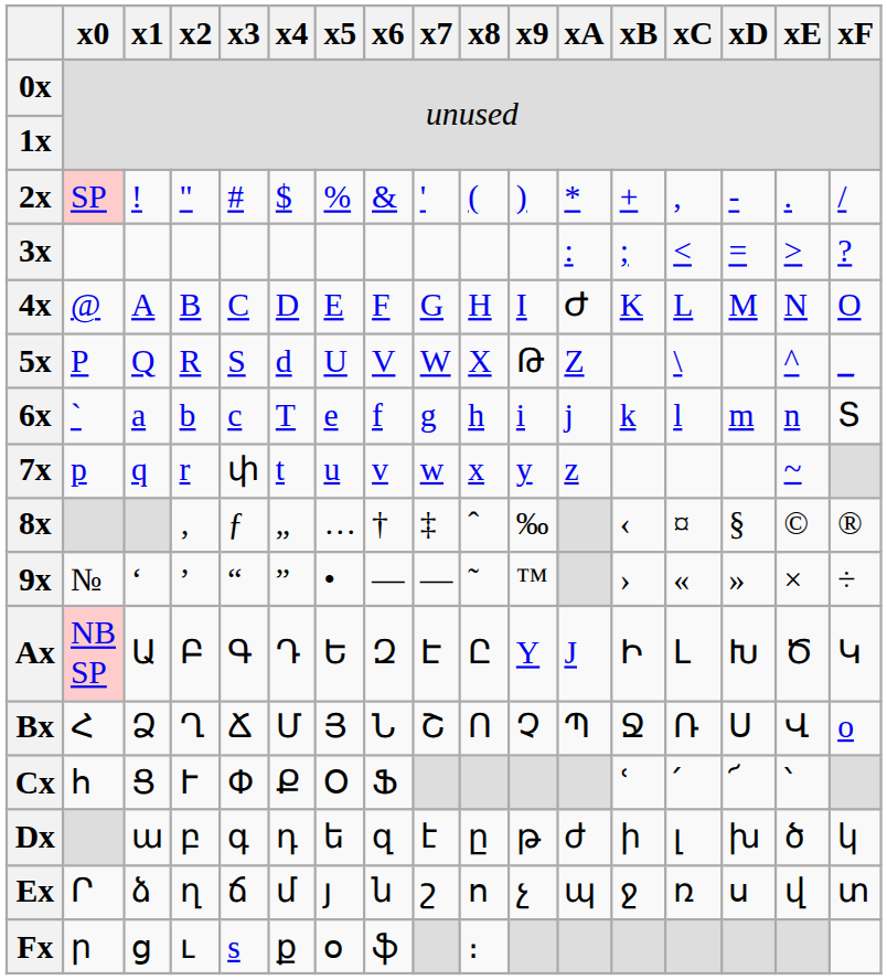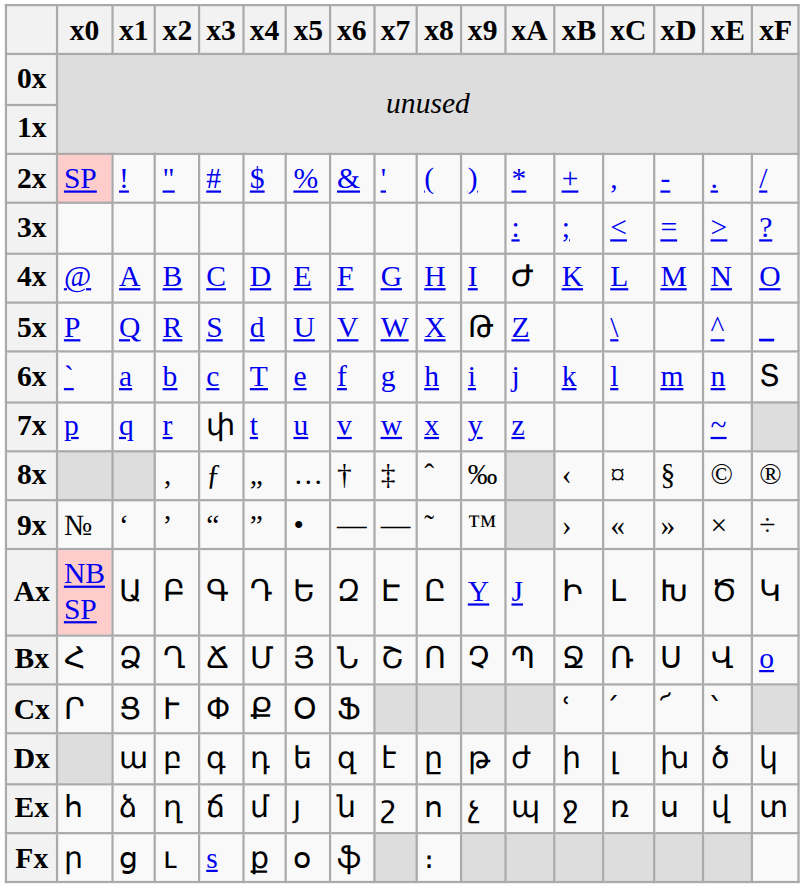 <table class="wikitable" style="float: left; margin: 0 1em; font-size: smaller;">
 <tr>
 <th> </th>
 <th>x0</th>
 <th>x1</th>
 <th>x2</th>
 <th>x3</th>
 <th>x4</th>
 <th>x5</th>
 <th>x6</th>
 <th>x7</th>
 <th>x8</th>
 <th>x9</th>
 <th>xA</th>
 <th>xB</th>
 <th>xC</th>
 <th>xD</th>
 <th>xE</th>
 <th>xF</th>
 </tr>
 <tr>
 <th>0x</th>
 <td rowspan="2" colspan="16" style="text-align: center; background: #ddd"><em>unused</em></td>
 </tr>
 <tr>
 <th>1x</th>
 </tr>
 <tr>
 <th>2x</th>
 <td style="background: #FFCCCC"><a href='#'>SP</a></td>
 <td><a href='#'>!</a></td>
 <td><a href='#'>"</a></td>
 <td><a href='#'>#</a></td>
 <td><a href='#'>$</a></td>
 <td><a href='#'>%</a></td>
 <td><a href='#'>&</a></td>
 <td><a href='#'>'</a></td>
 <td><a href='#'>(</a></td>
 <td><a href='#'>)</a></td>
 <td><a href='#'>*</a></td>
 <td><a href='#'>+</a></td>
 <td><a href='#'>,</a></td>
 <td><a href='#'>-</a></td>
 <td><a href='#'>.</a></td>
 <td><a href='#'>/</a></td>
 </tr>
 <tr>
 <th>3x</th>
 <td></td>
 <td></td>
 <td></td>
 <td></td>
 <td></td>
 <td></td>
 <td></td>
 <td></td>
 <td></td>
 <td></td>
 <td><a href='#'>:</a></td>
 <td><a href='#'>;</a></td>
 <td><a href='#'><</a></td>
 <td><a href='#'>=</a></td>
 <td><a href='#'>></a></td>
 <td><a href='#'>?</a></td>
 </tr>
 <tr>
 <th>4x</th>
 <td><a href='#'>@</a></td>
 <td><a href='#'>A</a></td>
 <td><a href='#'>B</a></td>
 <td><a href='#'>C</a></td>
 <td><a href='#'>D</a></td>
 <td><a href='#'>E</a></td>
 <td><a href='#'>F</a></td>
 <td><a href='#'>G</a></td>
 <td><a href='#'>H</a></td>
 <td><a href='#'>I</a></td>
 <td>Ժ</td>
 <td><a href='#'>K</a></td>
 <td><a href='#'>L</a></td>
 <td><a href='#'>M</a></td>
 <td><a href='#'>N</a></td>
 <td><a href='#'>O</a></td>
 </tr>
 <tr>
 <th>5x</th>
 <td><a href='#'>P</a></td>
 <td><a href='#'>Q</a></td>
 <td><a href='#'>R</a></td>
 <td><a href='#'>S</a></td>
 <td><a href='#'>d</a></td>
 <td><a href='#'>U</a></td>
 <td><a href='#'>V</a></td>
 <td><a href='#'>W</a></td>
 <td><a href='#'>X</a></td>
 <td>Թ</td>
 <td><a href='#'>Z</a></td>
 <td><a href='#'></a></td>
 <td><a href='#'>\</a></td>
 <td><a href='#'></a></td>
 <td><a href='#'>^</a></td>
 <td><a href='#'>_</a></td>
 </tr>
 <tr>
 <th>6x</th>
 <td><a href='#'>`</a></td>
 <td><a href='#'>a</a></td>
 <td><a href='#'>b</a></td>
 <td><a href='#'>c</a></td>
 <td><a href='#'>T</a></td>
 <td><a href='#'>e</a></td>
 <td><a href='#'>f</a></td>
 <td><a href='#'>g</a></td>
 <td><a href='#'>h</a></td>
 <td><a href='#'>i</a></td>
 <td><a href='#'>j</a></td>
 <td><a href='#'>k</a></td>
 <td><a href='#'>l</a></td>
 <td><a href='#'>m</a></td>
 <td><a href='#'>n</a></td>
 <td>Տ</td>
 </tr>
 <tr>
 <th>7x</th>
 <td><a href='#'>p</a></td>
 <td><a href='#'>q</a></td>
 <td><a href='#'>r</a></td>
 <td>փ</td>
 <td><a href='#'>t</a></td>
 <td><a href='#'>u</a></td>
 <td><a href='#'>v</a></td>
 <td><a href='#'>w</a></td>
 <td><a href='#'>x</a></td>
 <td><a href='#'>y</a></td>
 <td><a href='#'>z</a></td>
 <td><a href='#'></a></td>
 <td><a href='#'></a></td>
 <td><a href='#'></a></td>
 <td><a href='#'>~</a></td>
 <td style="background: #ddd"> </td>
 </tr>
 <tr>
 <th>8x</th>
 <td style="background:#ddd"> </td>
 <td style="background:#ddd"> </td>
 <td>‚</td>
 <td>ƒ</td>
 <td>„</td>
 <td>…</td>
 <td>†</td>
 <td>‡</td>
 <td>ˆ</td>
 <td>‰</td>
 <td style="background:#ddd"> </td>
 <td>‹</td>
 <td>¤</td>
 <td>§</td>
 <td>©</td>
 <td>®</td>
 </tr>
 <tr>
 <th>9x</th>
 <td>№</td>
 <td>‘</td>
 <td>’</td>
 <td>“</td>
 <td>”</td>
 <td>•</td>
 <td>—</td>
 <td>—</td>
 <td>˜</td>
 <td>™</td>
 <td style="background:#ddd"> </td>
 <td>›</td>
 <td>«</td>
 <td>»</td>
 <td>×</td>
 <td>÷</td>
 </tr>
 <tr>
 <th>Ax</th>
 <td style="background:#FFCCCC"><a href='#'>NB<br>SP</a></td>
 <td>Ա</td>
 <td>Բ</td>
 <td>Գ</td>
 <td>Դ</td>
 <td>Ե</td>
 <td>Զ</td>
 <td>Է</td>
 <td>Ը</td>
 <td><a href='#'>Y</a></td>
 <td><a href='#'>J</a></td>
 <td>Ի</td>
 <td>Լ</td>
 <td>Խ</td>
 <td>Ծ</td>
 <td>Կ</td>
 </tr>
 <tr>
 <th>Bx</th>
 <td>Հ</td>
 <td>Ձ</td>
 <td>Ղ</td>
 <td>Ճ</td>
 <td>Մ</td>
 <td>Յ</td>
 <td>Ն</td>
 <td>Շ</td>
 <td>Ո</td>
 <td>Չ</td>
 <td>Պ</td>
 <td>Ջ</td>
 <td>Ռ</td>
 <td>Ս</td>
 <td>Վ</td>
 <td><a href='#'>o</a></td>
 </tr>
 <tr>
 <th>Cx</th>
-<td>հ</td>
+<td>Ր</td>
 <td>Ց</td>
 <td>Ւ</td>
 <td>Փ</td>
 <td>Ք</td>
 <td>Օ</td>
 <td>Ֆ</td>
 <td style="background:#ddd"> </td>
 <td style="background:#ddd"> </td>
 <td style="background:#ddd"> </td>
 <td style="background:#ddd"> </td>
 <td>ՙ</td>
 <td>՛</td>
 <td>՜</td>
 <td>՝</td>
 <td style="background:#ddd"> </td>
 </tr>
 <tr>
 <th>Dx</th>
 <td style="background:#ddd"> </td>
 <td>ա</td>
 <td>բ</td>
 <td>գ</td>
 <td>դ</td>
 <td>ե</td>
 <td>զ</td>
 <td>է</td>
 <td>ը</td>
 <td>թ</td>
 <td>ժ</td>
 <td>ի</td>
 <td>լ</td>
 <td>խ</td>
 <td>ծ</td>
 <td>կ</td>
 </tr>
 <tr>
 <th>Ex</th>
-<td>Ր</td>
+<td>հ</td>
 <td>ձ</td>
 <td>ղ</td>
 <td>ճ</td>
 <td>մ</td>
 <td>յ</td>
 <td>ն</td>
 <td>շ</td>
 <td>ո</td>
 <td>չ</td>
 <td>պ</td>
 <td>ջ</td>
 <td>ռ</td>
 <td>ս</td>
 <td>վ</td>
 <td>տ</td>
 </tr>
 <tr>
 <th>Fx</th>
 <td>ր</td>
 <td>ց</td>
 <td>ւ</td>
 <td><a href='#'>s</a></td>
 <td>ք</td>
 <td>օ</td>
 <td>ֆ</td>
 <td style="background:#ddd"> </td>
 <td>։</td>
 <td style="background:#ddd"> </td>
 <td style="background:#ddd"> </td>
 <td style="background:#ddd"> </td>
 <td style="background:#ddd"> </td>
 <td style="background:#ddd"> </td>
 <td style="background:#ddd"> </td>
 </tr>
 </table>
